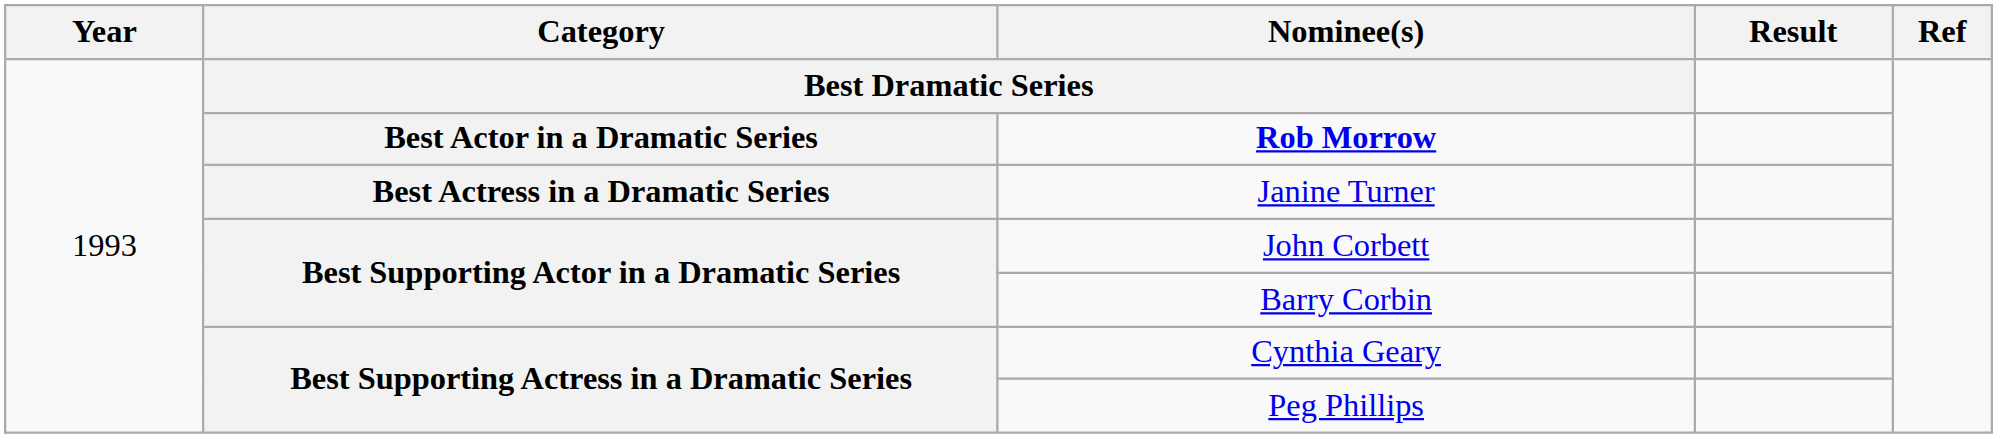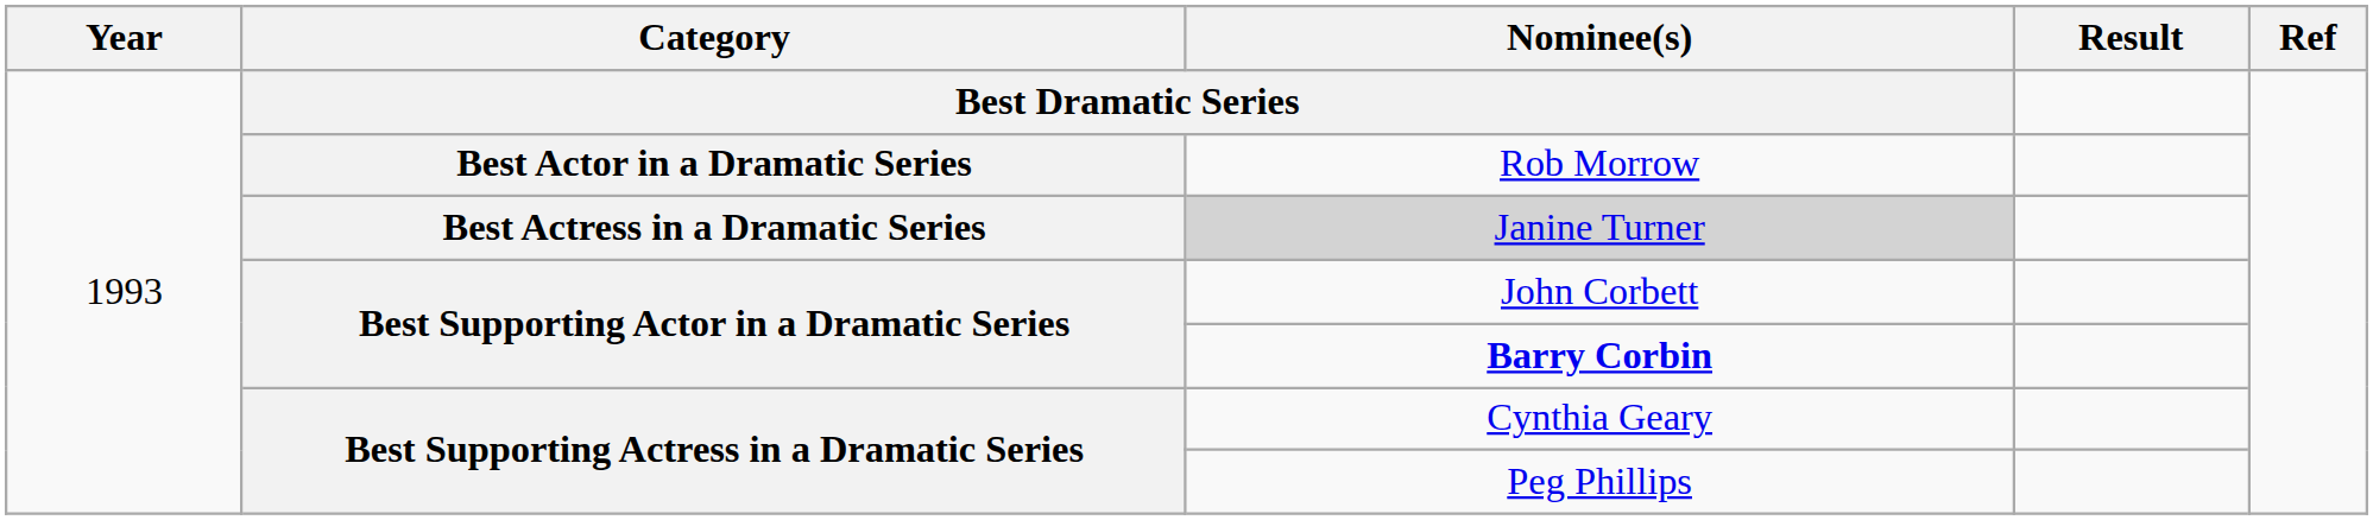 <table class="wikitable plainrowheaders" style="font-size: 90%; text-align:center" width=100%>
 <tr>
 <th scope="col" width="10%">Year</th>
 <th scope="col" width="40%">Category</th>
 <th scope="col" width="35%">Nominee(s)</th>
 <th scope="col" width="10%">Result</th>
 <th scope="col" width="5%">Ref</th>
 </tr>
 <tr>
 <td rowspan="7">1993</td>
 <th scope="row" style="text-align:center" colspan="2">Best Dramatic Series</th>
 <td></td>
 <td rowspan="7"></td>
 </tr>
 <tr>
 <th scope="row" style="text-align:center">Best Actor in a Dramatic Series</th>
-<td><strong><a href='#'>Rob Morrow</a></strong></td>
+<td><a href='#'>Rob Morrow</a></td>
 <td></td>
 </tr>
 <tr>
 <th scope="row" style="text-align:center">Best Actress in a Dramatic Series</th>
-<td><a href='#'>Janine Turner</a></td>
+<td style="background: lightgrey;"><a href='#'>Janine Turner</a></td>
 <td></td>
 </tr>
 <tr>
 <th scope="row" style="text-align:center" rowspan="2">Best Supporting Actor in a Dramatic Series</th>
 <td><a href='#'>John Corbett</a></td>
 <td></td>
 </tr>
 <tr>
-<td><a href='#'>Barry Corbin</a></td>
+<td><strong><a href='#'>Barry Corbin</a></strong></td>
 <td></td>
 </tr>
 <tr>
 <th scope="row" style="text-align:center" rowspan="2">Best Supporting Actress in a Dramatic Series</th>
 <td><a href='#'>Cynthia Geary</a></td>
 <td></td>
 </tr>
 <tr>
 <td><a href='#'>Peg Phillips</a></td>
 <td></td>
 </tr>
 </table>
